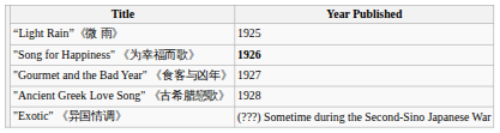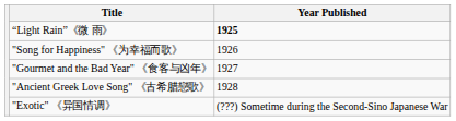 <table class="wikitable">
 <tr>
 <th rowspan="6"></th>
 <th>Title</th>
 <th>Year Published</th>
 </tr>
 <tr>
 <td>“Light Rain”《微 雨》</td>
-<td>1925</td>
+<td><strong>1925</strong></td>
 </tr>
 <tr>
 <td>"Song for Happiness" 《为幸福而歌》</td>
-<td><strong>1926</strong></td>
+<td>1926</td>
 </tr>
 <tr>
 <td>"Gourmet and the Bad Year" 《食客与凶年》</td>
 <td>1927</td>
 </tr>
 <tr>
 <td>"Ancient Greek Love Song" 《古希腊戀歌》</td>
 <td>1928</td>
 </tr>
 <tr>
 <td>"Exotic" 《异国情调》</td>
 <td>(???) Sometime during the Second-Sino Japanese War</td>
 </tr>
 </table>
